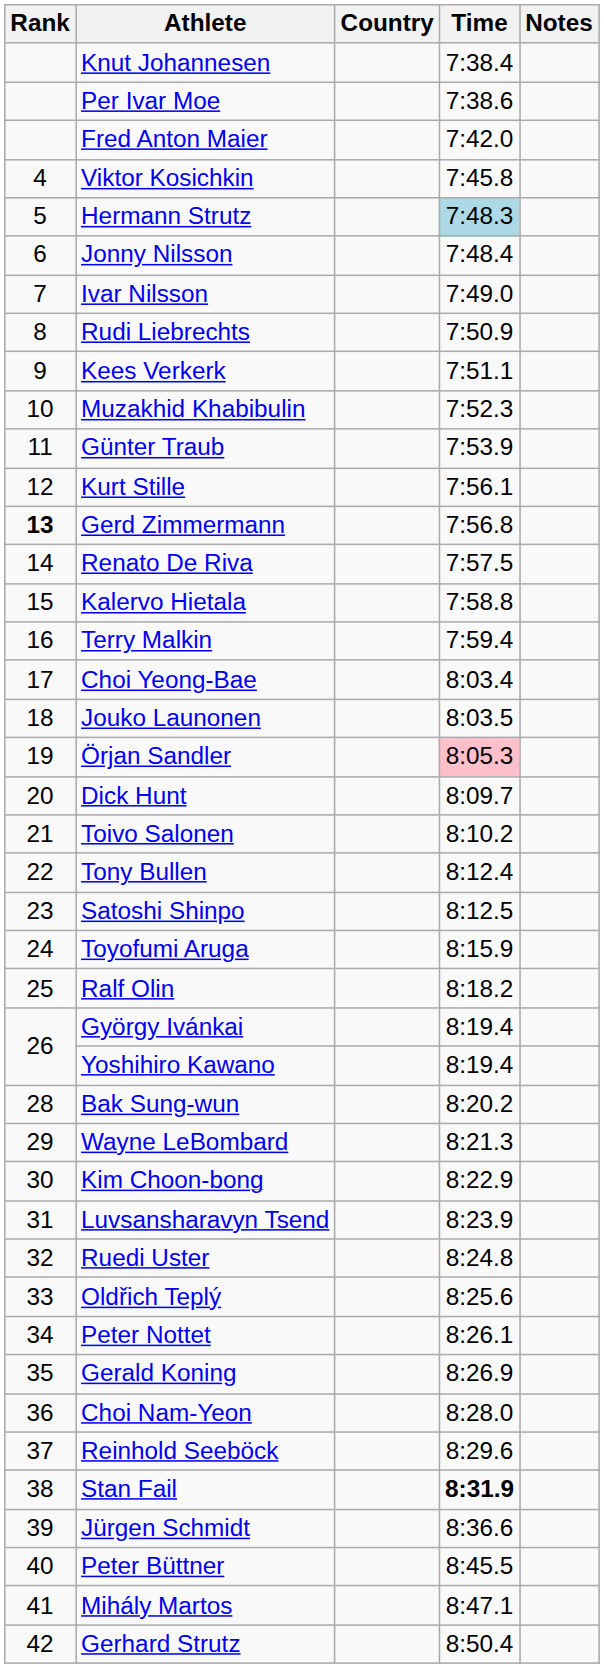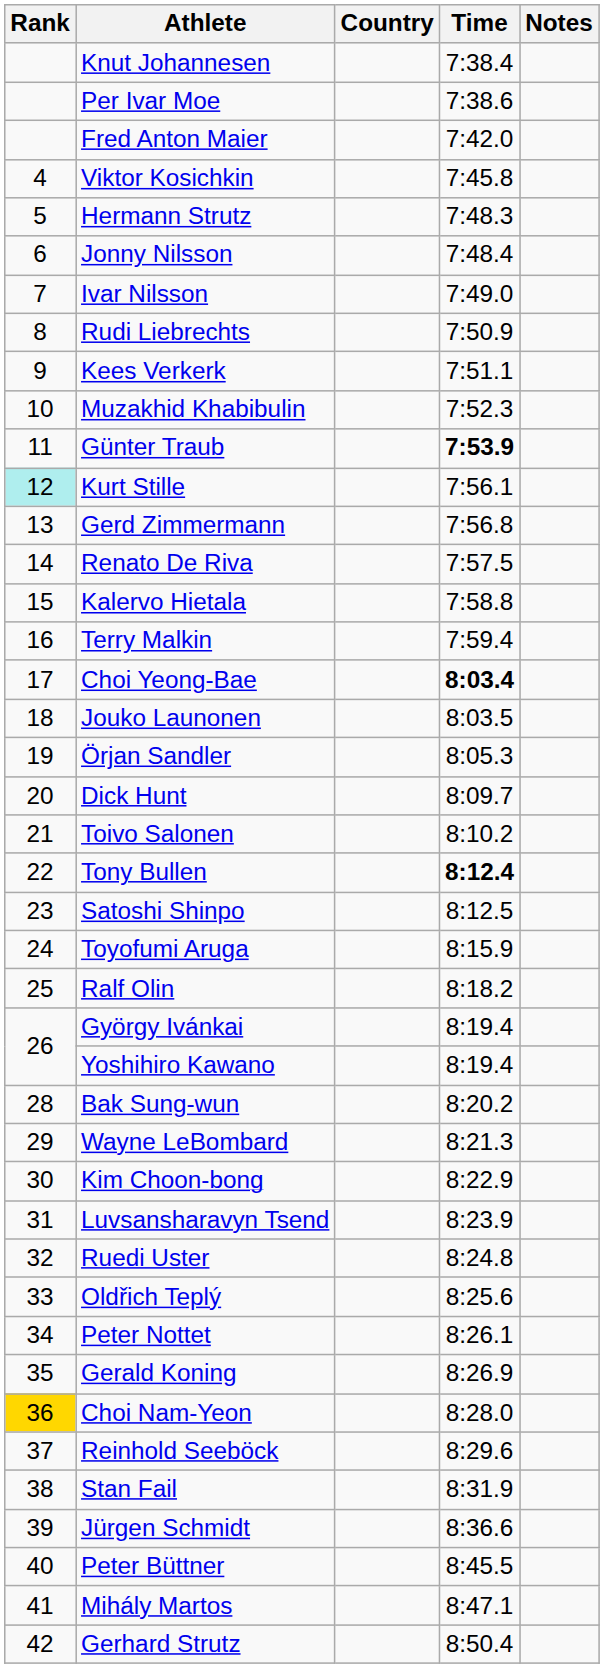 <table class="wikitable sortable" style="text-align:center">
 <tr>
 <th>Rank</th>
 <th>Athlete</th>
 <th>Country</th>
 <th>Time</th>
 <th>Notes</th>
 </tr>
 <tr>
 <td></td>
 <td align=left><a href='#'>Knut Johannesen</a></td>
 <td align=left></td>
 <td>7:38.4</td>
 <td></td>
 </tr>
 <tr>
 <td></td>
 <td align=left><a href='#'>Per Ivar Moe</a></td>
 <td align=left></td>
 <td>7:38.6</td>
 <td></td>
 </tr>
 <tr>
 <td></td>
 <td align=left><a href='#'>Fred Anton Maier</a></td>
 <td align=left></td>
 <td>7:42.0</td>
 <td></td>
 </tr>
 <tr>
 <td>4</td>
 <td align=left><a href='#'>Viktor Kosichkin</a></td>
 <td align=left></td>
 <td>7:45.8</td>
 <td></td>
 </tr>
 <tr>
 <td>5</td>
 <td align=left><a href='#'>Hermann Strutz</a></td>
 <td align=left></td>
-<td style="background: lightblue;">7:48.3</td>
+<td>7:48.3</td>
 <td></td>
 </tr>
 <tr>
 <td>6</td>
 <td align=left><a href='#'>Jonny Nilsson</a></td>
 <td align=left></td>
 <td>7:48.4</td>
 <td></td>
 </tr>
 <tr>
 <td>7</td>
 <td align=left><a href='#'>Ivar Nilsson</a></td>
 <td align=left></td>
 <td>7:49.0</td>
 <td></td>
 </tr>
 <tr>
 <td>8</td>
 <td align=left><a href='#'>Rudi Liebrechts</a></td>
 <td align=left></td>
 <td>7:50.9</td>
 <td></td>
 </tr>
 <tr>
 <td>9</td>
 <td align=left><a href='#'>Kees Verkerk</a></td>
 <td align=left></td>
 <td>7:51.1</td>
 <td></td>
 </tr>
 <tr>
 <td>10</td>
 <td align=left><a href='#'>Muzakhid Khabibulin</a></td>
 <td align=left></td>
 <td>7:52.3</td>
 <td></td>
 </tr>
 <tr>
 <td>11</td>
 <td align=left><a href='#'>Günter Traub</a></td>
 <td align=left></td>
-<td>7:53.9</td>
+<td><strong>7:53.9</strong></td>
 <td></td>
 </tr>
 <tr>
-<td>12</td>
+<td style="background: paleturquoise;">12</td>
 <td align=left><a href='#'>Kurt Stille</a></td>
 <td align=left></td>
 <td>7:56.1</td>
 <td></td>
 </tr>
 <tr>
-<td><strong>13</strong></td>
+<td>13</td>
 <td align=left><a href='#'>Gerd Zimmermann</a></td>
 <td align=left></td>
 <td>7:56.8</td>
 </tr>
 <tr>
 <td>14</td>
 <td align=left><a href='#'>Renato De Riva</a></td>
 <td align=left></td>
 <td>7:57.5</td>
 <td></td>
 </tr>
 <tr>
 <td>15</td>
 <td align=left><a href='#'>Kalervo Hietala</a></td>
 <td align=left></td>
 <td>7:58.8</td>
 <td></td>
 </tr>
 <tr>
 <td>16</td>
 <td align=left><a href='#'>Terry Malkin</a></td>
 <td align=left></td>
 <td>7:59.4</td>
 <td></td>
 </tr>
 <tr>
 <td>17</td>
 <td align=left><a href='#'>Choi Yeong-Bae</a></td>
 <td align=left></td>
-<td>8:03.4</td>
+<td><strong>8:03.4</strong></td>
 <td></td>
 </tr>
 <tr>
 <td>18</td>
 <td align=left><a href='#'>Jouko Launonen</a></td>
 <td align=left></td>
 <td>8:03.5</td>
 <td></td>
 </tr>
 <tr>
 <td>19</td>
 <td align=left><a href='#'>Örjan Sandler</a></td>
 <td align=left></td>
-<td style="background: pink;">8:05.3</td>
+<td>8:05.3</td>
 <td></td>
 </tr>
 <tr>
 <td>20</td>
 <td align=left><a href='#'>Dick Hunt</a></td>
 <td align=left></td>
 <td>8:09.7</td>
 <td></td>
 </tr>
 <tr>
 <td>21</td>
 <td align=left><a href='#'>Toivo Salonen</a></td>
 <td align=left></td>
 <td>8:10.2</td>
 <td></td>
 </tr>
 <tr>
 <td>22</td>
 <td align=left><a href='#'>Tony Bullen</a></td>
 <td align=left></td>
-<td>8:12.4</td>
+<td><strong>8:12.4</strong></td>
 <td></td>
 </tr>
 <tr>
 <td>23</td>
 <td align=left><a href='#'>Satoshi Shinpo</a></td>
 <td align=left></td>
 <td>8:12.5</td>
 <td></td>
 </tr>
 <tr>
 <td>24</td>
 <td align=left><a href='#'>Toyofumi Aruga</a></td>
 <td align=left></td>
 <td>8:15.9</td>
 <td></td>
 </tr>
 <tr>
 <td>25</td>
 <td align=left><a href='#'>Ralf Olin</a></td>
 <td align=left></td>
 <td>8:18.2</td>
 <td></td>
 </tr>
 <tr>
 <td rowspan=2>26</td>
 <td align=left><a href='#'>György Ivánkai</a></td>
 <td align=left></td>
 <td>8:19.4</td>
 <td></td>
 </tr>
 <tr>
 <td align=left><a href='#'>Yoshihiro Kawano</a></td>
 <td align=left></td>
 <td>8:19.4</td>
 <td></td>
 </tr>
 <tr>
 <td>28</td>
 <td align=left><a href='#'>Bak Sung-wun</a></td>
 <td align=left></td>
 <td>8:20.2</td>
 <td></td>
 </tr>
 <tr>
 <td>29</td>
 <td align=left><a href='#'>Wayne LeBombard</a></td>
 <td align=left></td>
 <td>8:21.3</td>
 <td></td>
 </tr>
 <tr>
 <td>30</td>
 <td align=left><a href='#'>Kim Choon-bong</a></td>
 <td align=left></td>
 <td>8:22.9</td>
 <td></td>
 </tr>
 <tr>
 <td>31</td>
 <td align=left><a href='#'>Luvsansharavyn Tsend</a></td>
 <td align=left></td>
 <td>8:23.9</td>
 <td></td>
 </tr>
 <tr>
 <td>32</td>
 <td align=left><a href='#'>Ruedi Uster</a></td>
 <td align=left></td>
 <td>8:24.8</td>
 <td></td>
 </tr>
 <tr>
 <td>33</td>
 <td align=left><a href='#'>Oldřich Teplý</a></td>
 <td align=left></td>
 <td>8:25.6</td>
 <td></td>
 </tr>
 <tr>
 <td>34</td>
 <td align=left><a href='#'>Peter Nottet</a></td>
 <td align=left></td>
 <td>8:26.1</td>
 <td></td>
 </tr>
 <tr>
 <td>35</td>
 <td align=left><a href='#'>Gerald Koning</a></td>
 <td align=left></td>
 <td>8:26.9</td>
 <td></td>
 </tr>
 <tr>
-<td>36</td>
+<td style="background: gold;">36</td>
 <td align=left><a href='#'>Choi Nam-Yeon</a></td>
 <td align=left></td>
 <td>8:28.0</td>
 <td></td>
 </tr>
 <tr>
 <td>37</td>
 <td align=left><a href='#'>Reinhold Seeböck</a></td>
 <td align=left></td>
 <td>8:29.6</td>
 <td></td>
 </tr>
 <tr>
 <td>38</td>
 <td align=left><a href='#'>Stan Fail</a></td>
 <td align=left></td>
-<td><strong>8:31.9</strong></td>
+<td>8:31.9</td>
 <td></td>
 </tr>
 <tr>
 <td>39</td>
 <td align=left><a href='#'>Jürgen Schmidt</a></td>
 <td align=left></td>
 <td>8:36.6</td>
 <td></td>
 </tr>
 <tr>
 <td>40</td>
 <td align=left><a href='#'>Peter Büttner</a></td>
 <td align=left></td>
 <td>8:45.5</td>
 <td></td>
 </tr>
 <tr>
 <td>41</td>
 <td align=left><a href='#'>Mihály Martos</a></td>
 <td align=left></td>
 <td>8:47.1</td>
 <td></td>
 </tr>
 <tr>
 <td>42</td>
 <td align=left><a href='#'>Gerhard Strutz</a></td>
 <td align=left></td>
 <td>8:50.4</td>
 <td></td>
 </tr>
 </table>
